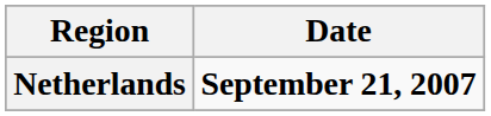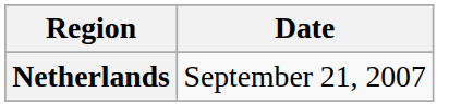 <table class="wikitable plainrowheaders">
 <tr>
 <th scope="col">Region</th>
 <th scope="col">Date</th>
 </tr>
 <tr>
 <th scope="row">Netherlands</th>
-<td><strong>September 21, 2007</strong></td>
+<td>September 21, 2007</td>
 </tr>
 </table>
